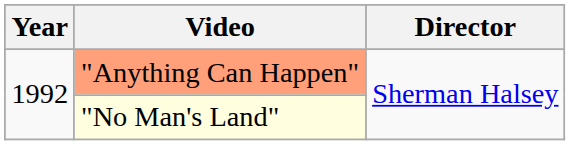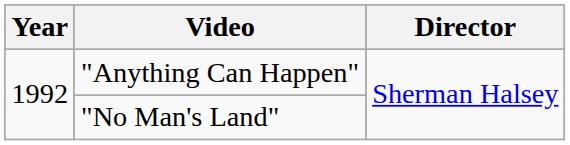 <table class="wikitable">
 <tr>
 <th>Year</th>
 <th>Video</th>
 <th>Director</th>
 </tr>
 <tr>
 <td rowspan="2">1992</td>
-<td style="background: lightsalmon;">"Anything Can Happen"</td>
+<td>"Anything Can Happen"</td>
 <td rowspan="2"><a href='#'>Sherman Halsey</a></td>
 </tr>
 <tr>
-<td style="background: lightyellow;">"No Man's Land"</td>
+<td>"No Man's Land"</td>
 </tr>
 </table>
